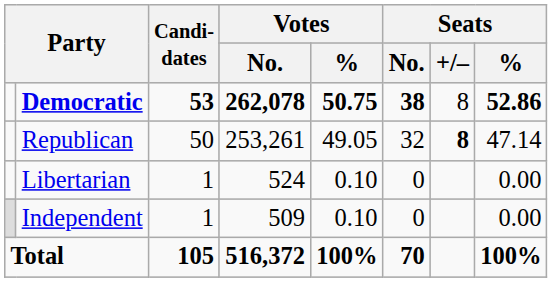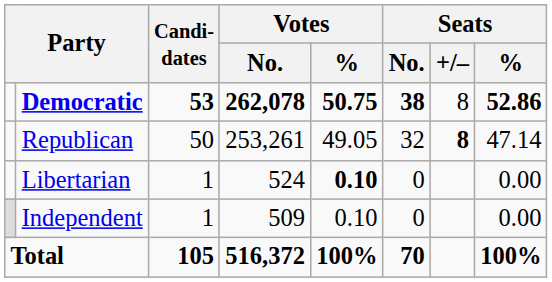 <table class="wikitable" style="font-size:100%; text-align:right;">
 <tr>
 <th colspan=2 rowspan=2>Party</th>
 <th rowspan=2><small>Candi-<br>dates</small></th>
 <th colspan=2>Votes</th>
 <th colspan=3>Seats</th>
 </tr>
 <tr>
 <th>No.</th>
 <th>%</th>
 <th>No.</th>
 <th>+/–</th>
 <th>%</th>
 </tr>
 <tr>
 <td style="background:"></td>
 <td align=left><strong><a href='#'>Democratic</a></strong></td>
 <td><strong>53</strong></td>
 <td><strong>262,078</strong></td>
 <td><strong>50.75</strong></td>
 <td><strong>38</strong></td>
 <td>8</td>
 <td><strong>52.86</strong></td>
 </tr>
 <tr>
 <td style="background:"></td>
 <td align=left><a href='#'>Republican</a></td>
 <td>50</td>
 <td>253,261</td>
 <td>49.05</td>
 <td>32</td>
 <td><strong>8</strong></td>
 <td>47.14</td>
 </tr>
 <tr>
 <td style="background:"></td>
 <td align=left><a href='#'>Libertarian</a></td>
 <td>1</td>
 <td>524</td>
-<td>0.10</td>
+<td><strong>0.10</strong></td>
 <td>0</td>
 <td></td>
 <td>0.00</td>
 </tr>
 <tr>
 <td style="background:#ddd;"></td>
 <td align=left><a href='#'>Independent</a></td>
 <td>1</td>
 <td>509</td>
 <td>0.10</td>
 <td>0</td>
 <td></td>
 <td>0.00</td>
 </tr>
 <tr style="font-weight:bold">
 <td colspan=2 align=left>Total</td>
 <td>105</td>
 <td>516,372</td>
 <td>100%</td>
 <td>70</td>
 <td></td>
 <td>100%</td>
 </tr>
 </table>
